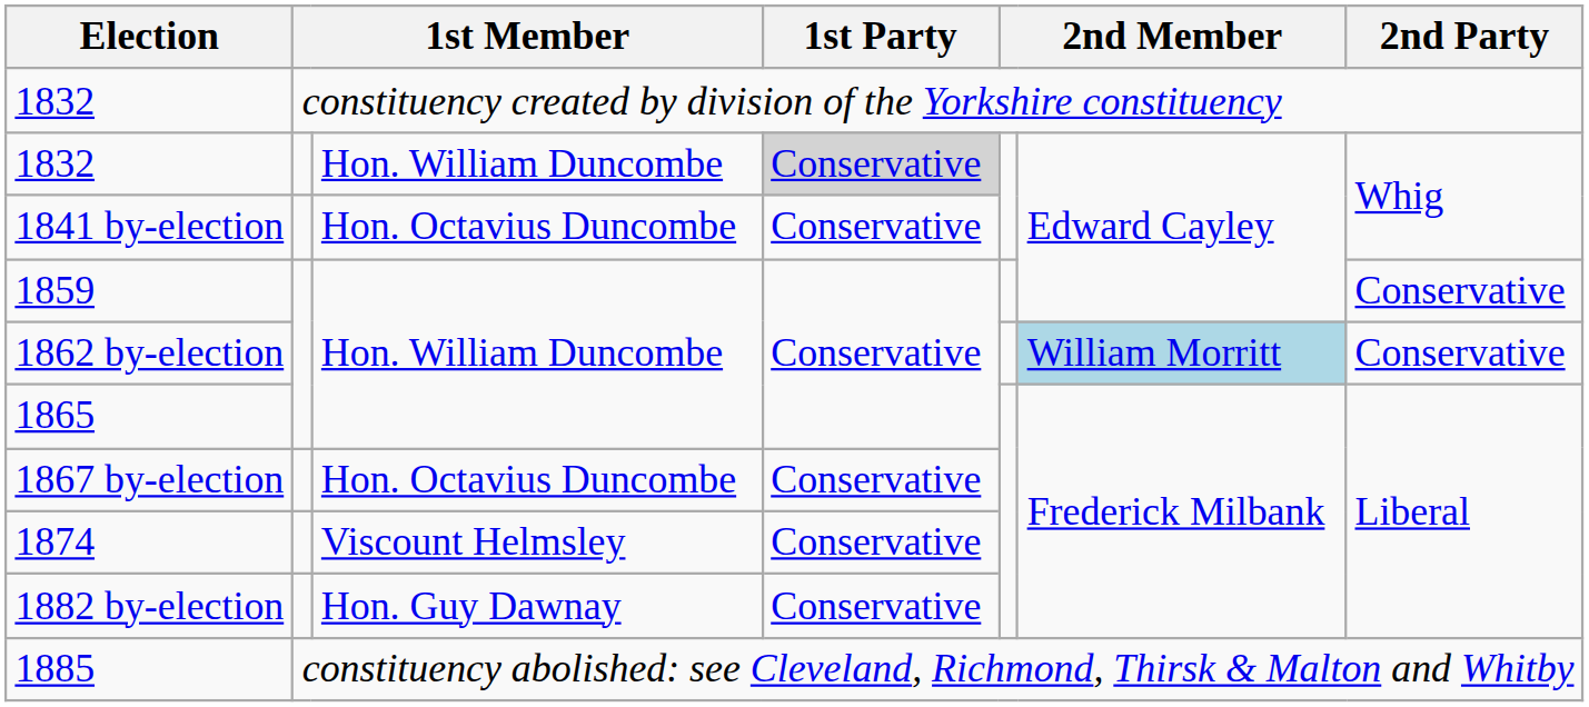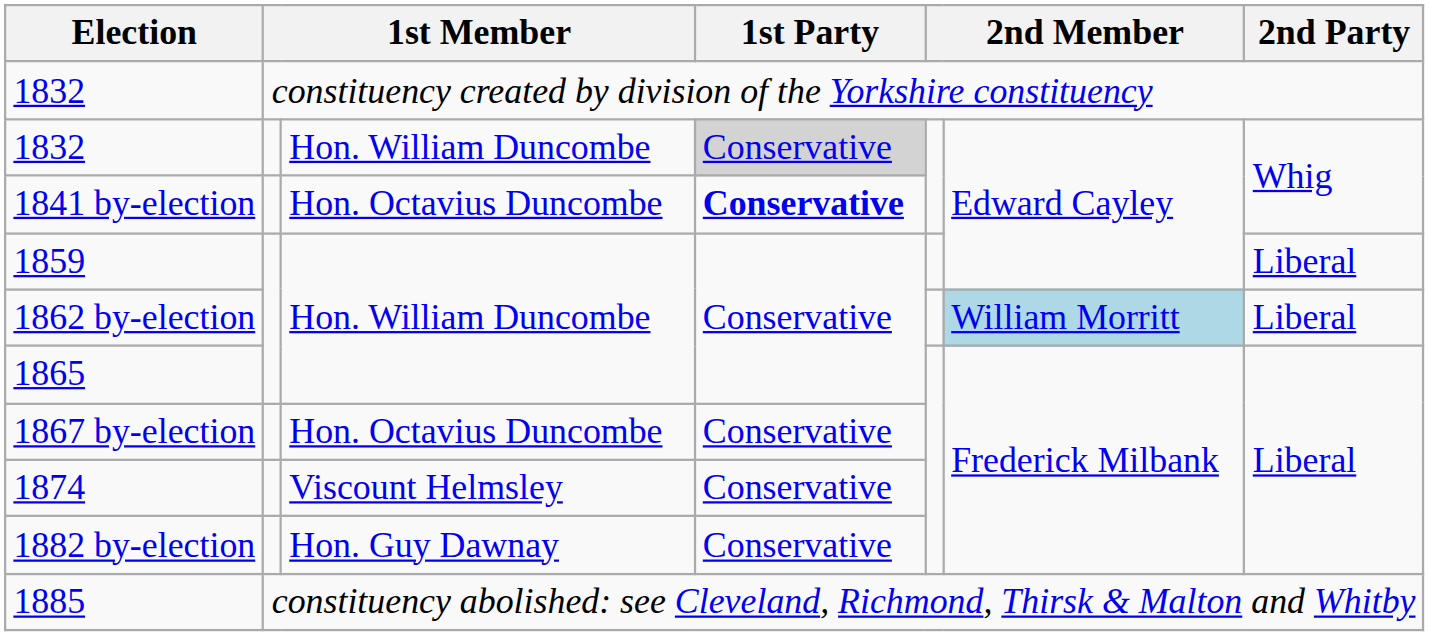 <table class="wikitable">
 <tr>
 <th>Election</th>
 <th colspan="2">1st Member</th>
 <th>1st Party</th>
 <th colspan="2">2nd Member</th>
 <th>2nd Party</th>
 </tr>
 <tr>
 <td><a href='#'>1832</a></td>
 <td colspan="6"><em>constituency created by division of the <a href='#'>Yorkshire constituency</a></em></td>
 </tr>
 <tr>
 <td><a href='#'>1832</a></td>
 <td style="color:inherit;background-color: "></td>
 <td><a href='#'>Hon. William Duncombe</a></td>
 <td style="background: lightgrey;"><a href='#'>Conservative</a></td>
 <td rowspan="2" style="color:inherit;background-color: "></td>
 <td rowspan="3"><a href='#'>Edward Cayley</a></td>
 <td rowspan="2"><a href='#'>Whig</a></td>
 </tr>
 <tr>
 <td><a href='#'>1841 by-election</a></td>
 <td style="color:inherit;background-color: "></td>
 <td><a href='#'>Hon. Octavius Duncombe</a></td>
-<td><a href='#'>Conservative</a></td>
+<td><strong><a href='#'>Conservative</a></strong></td>
 </tr>
 <tr>
 <td><a href='#'>1859</a></td>
 <td rowspan="3" style="color:inherit;background-color: "></td>
 <td rowspan="3"><a href='#'>Hon. William Duncombe</a></td>
 <td rowspan="3"><a href='#'>Conservative</a></td>
 <td style="color:inherit;background-color: "></td>
-<td><a href='#'>Conservative</a></td>
+<td><a href='#'>Liberal</a></td>
 </tr>
 <tr>
 <td><a href='#'>1862 by-election</a></td>
 <td style="color:inherit;background-color: "></td>
 <td style="background: lightblue;"><a href='#'>William Morritt</a></td>
-<td><a href='#'>Conservative</a></td>
+<td><a href='#'>Liberal</a></td>
 </tr>
 <tr>
 <td><a href='#'>1865</a></td>
 <td rowspan="4" style="color:inherit;background-color: "></td>
 <td rowspan="4"><a href='#'>Frederick Milbank</a></td>
 <td rowspan="4"><a href='#'>Liberal</a></td>
 </tr>
 <tr>
 <td><a href='#'>1867 by-election</a></td>
 <td style="color:inherit;background-color: "></td>
 <td><a href='#'>Hon. Octavius Duncombe</a></td>
 <td><a href='#'>Conservative</a></td>
 </tr>
 <tr>
 <td><a href='#'>1874</a></td>
 <td style="color:inherit;background-color: "></td>
 <td><a href='#'>Viscount Helmsley</a></td>
 <td><a href='#'>Conservative</a></td>
 </tr>
 <tr>
 <td><a href='#'>1882 by-election</a></td>
 <td style="color:inherit;background-color: "></td>
 <td><a href='#'>Hon. Guy Dawnay</a></td>
 <td><a href='#'>Conservative</a></td>
 </tr>
 <tr>
 <td><a href='#'>1885</a></td>
 <td colspan="6"><em>constituency abolished: see <a href='#'>Cleveland</a>, <a href='#'>Richmond</a>, <a href='#'>Thirsk & Malton</a> and <a href='#'>Whitby</a></em></td>
 </tr>
 </table>
